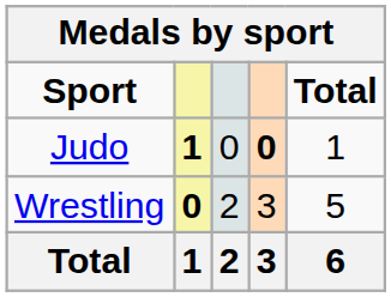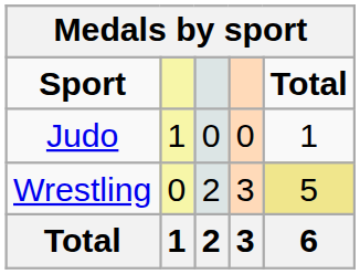 <table class="wikitable" border="1" style="font-size:85%; float:right">
 <tr bgcolor=#efefef>
 <th colspan=7><strong>Medals by sport</strong></th>
 </tr>
 <tr align=center>
 <td><strong>Sport</strong></td>
 <td bgcolor=#f7f6a8></td>
 <td bgcolor=#dce5e5></td>
 <td bgcolor=#ffdab9></td>
 <td><strong>Total</strong></td>
 </tr>
 <tr align=center>
 <td><a href='#'>Judo</a></td>
-<td bgcolor=#f7f6a8><strong>1</strong></td>
+<td bgcolor=#f7f6a8>1</td>
 <td bgcolor=#dce5e5>0</td>
-<td bgcolor=#ffdab9><strong>0</strong></td>
+<td bgcolor=#ffdab9>0</td>
 <td>1</td>
 </tr>
 <tr align=center>
 <td><a href='#'>Wrestling</a></td>
-<td bgcolor=#f7f6a8><strong>0</strong></td>
+<td bgcolor=#f7f6a8>0</td>
 <td bgcolor=#dce5e5>2</td>
 <td bgcolor=#ffdab9>3</td>
-<td>5</td>
+<td style="background: khaki;">5</td>
 </tr>
 <tr align=center>
 <th><strong>Total</strong></th>
 <th bgcolor=gold><strong>1</strong></th>
 <th bgcolor=silver><strong>2</strong></th>
 <th bgcolor=#c96><strong>3</strong></th>
 <th><strong>6</strong></th>
 </tr>
 </table>
